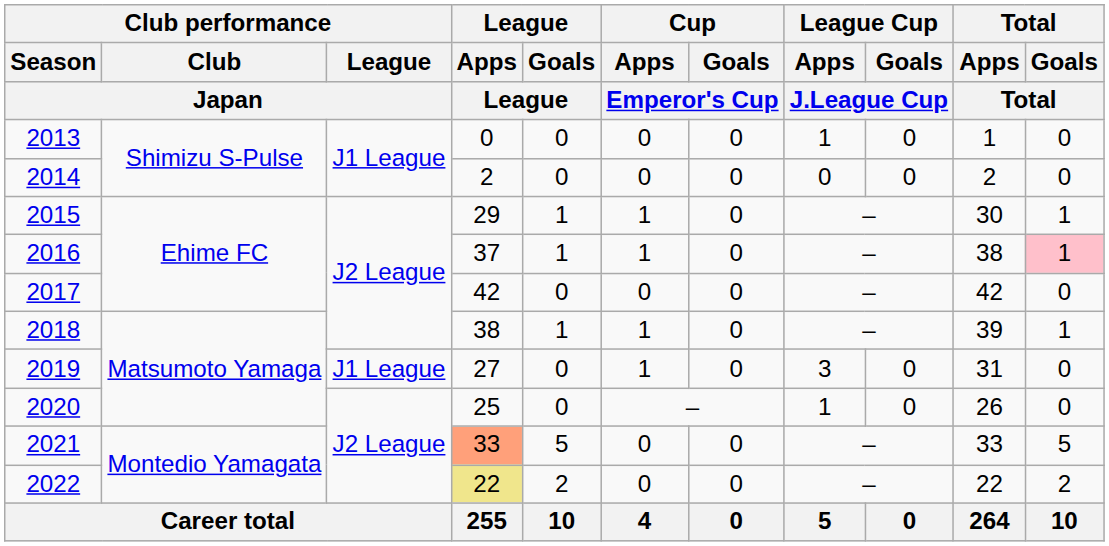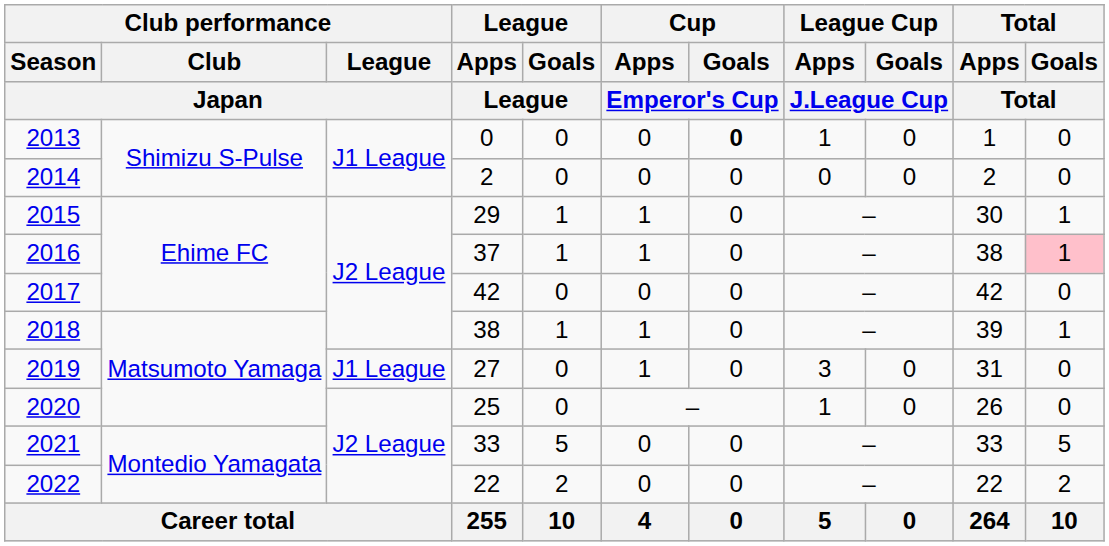 <table class="wikitable" style="text-align:center">
 <tr>
 <th colspan=3>Club performance</th>
 <th colspan=2>League</th>
 <th colspan=2>Cup</th>
 <th colspan=2>League Cup</th>
 <th colspan=2>Total</th>
 </tr>
 <tr>
 <th>Season</th>
 <th>Club</th>
 <th>League</th>
 <th>Apps</th>
 <th>Goals</th>
 <th>Apps</th>
 <th>Goals</th>
 <th>Apps</th>
 <th>Goals</th>
 <th>Apps</th>
 <th>Goals</th>
 </tr>
 <tr>
 <th colspan=3>Japan</th>
 <th colspan=2>League</th>
 <th colspan=2><a href='#'>Emperor's Cup</a></th>
 <th colspan=2><a href='#'>J.League Cup</a></th>
 <th colspan=2>Total</th>
 </tr>
 <tr>
 <td><a href='#'>2013</a></td>
 <td rowspan="2"><a href='#'>Shimizu S-Pulse</a></td>
 <td rowspan="2"><a href='#'>J1 League</a></td>
 <td>0</td>
 <td>0</td>
 <td>0</td>
-<td>0</td>
+<td><strong>0</strong></td>
 <td>1</td>
 <td>0</td>
 <td>1</td>
 <td>0</td>
 </tr>
 <tr>
 <td><a href='#'>2014</a></td>
 <td>2</td>
 <td>0</td>
 <td>0</td>
 <td>0</td>
 <td>0</td>
 <td>0</td>
 <td>2</td>
 <td>0</td>
 </tr>
 <tr>
 <td><a href='#'>2015</a></td>
 <td rowspan="3"><a href='#'>Ehime FC</a></td>
 <td rowspan="4"><a href='#'>J2 League</a></td>
 <td>29</td>
 <td>1</td>
 <td>1</td>
 <td>0</td>
 <td colspan="2">–</td>
 <td>30</td>
 <td>1</td>
 </tr>
 <tr>
 <td><a href='#'>2016</a></td>
 <td>37</td>
 <td>1</td>
 <td>1</td>
 <td>0</td>
 <td colspan="2">–</td>
 <td>38</td>
 <td style="background: pink;">1</td>
 </tr>
 <tr>
 <td><a href='#'>2017</a></td>
 <td>42</td>
 <td>0</td>
 <td>0</td>
 <td>0</td>
 <td colspan="2">–</td>
 <td>42</td>
 <td>0</td>
 </tr>
 <tr>
 <td><a href='#'>2018</a></td>
 <td rowspan="3"><a href='#'>Matsumoto Yamaga</a></td>
 <td>38</td>
 <td>1</td>
 <td>1</td>
 <td>0</td>
 <td colspan="2">–</td>
 <td>39</td>
 <td>1</td>
 </tr>
 <tr>
 <td><a href='#'>2019</a></td>
 <td><a href='#'>J1 League</a></td>
 <td>27</td>
 <td>0</td>
 <td>1</td>
 <td>0</td>
 <td>3</td>
 <td>0</td>
 <td>31</td>
 <td>0</td>
 </tr>
 <tr>
 <td><a href='#'>2020</a></td>
 <td rowspan="3"><a href='#'>J2 League</a></td>
 <td>25</td>
 <td>0</td>
 <td colspan="2">–</td>
 <td>1</td>
 <td>0</td>
 <td>26</td>
 <td>0</td>
 </tr>
 <tr>
 <td><a href='#'>2021</a></td>
 <td rowspan="2"><a href='#'>Montedio Yamagata</a></td>
-<td style="background: lightsalmon;">33</td>
+<td>33</td>
 <td>5</td>
 <td>0</td>
 <td>0</td>
 <td colspan="2">–</td>
 <td>33</td>
 <td>5</td>
 </tr>
 <tr>
 <td><a href='#'>2022</a></td>
-<td style="background: khaki;">22</td>
+<td>22</td>
 <td>2</td>
 <td>0</td>
 <td>0</td>
 <td colspan="2">–</td>
 <td>22</td>
 <td>2</td>
 </tr>
 <tr>
 <th colspan="3">Career total</th>
 <th>255</th>
 <th>10</th>
 <th>4</th>
 <th>0</th>
 <th>5</th>
 <th>0</th>
 <th>264</th>
 <th>10</th>
 </tr>
 </table>
